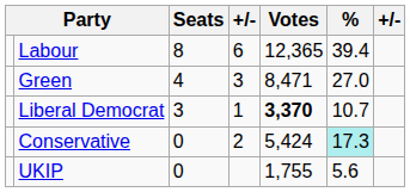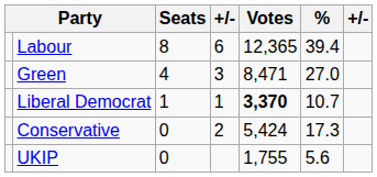 <table class="wikitable">
 <tr>
 <th colspan="2">Party</th>
 <th>Seats</th>
 <th>+/-</th>
 <th>Votes</th>
 <th>%</th>
 <th>+/-</th>
 </tr>
 <tr>
 <td style="background-color: "></td>
 <td><a href='#'>Labour</a></td>
 <td>8</td>
 <td> 6</td>
 <td>12,365</td>
 <td>39.4</td>
 <td style="color:green"></td>
 </tr>
 <tr>
 <td style="background-color: "></td>
 <td><a href='#'>Green</a></td>
 <td>4</td>
 <td> 3</td>
 <td>8,471</td>
 <td>27.0</td>
 <td style="color:red"></td>
 </tr>
 <tr>
 <td style="background-color: "></td>
 <td><a href='#'>Liberal Democrat</a></td>
-<td>3</td>
+<td>1</td>
 <td> 1</td>
 <td><strong>3,370</strong></td>
 <td>10.7</td>
 <td style="color:green"></td>
 </tr>
 <tr>
 <td style="background-color: "></td>
 <td><a href='#'>Conservative</a></td>
 <td>0</td>
 <td> 2</td>
 <td>5,424</td>
-<td style="background: paleturquoise;">17.3</td>
+<td>17.3</td>
 <td style="color:red"></td>
 </tr>
 <tr>
 <td style="background-color:"></td>
 <td><a href='#'>UKIP</a></td>
 <td>0</td>
 <td></td>
 <td>1,755</td>
 <td>5.6</td>
 <td style="color:green"></td>
 </tr>
 </table>
